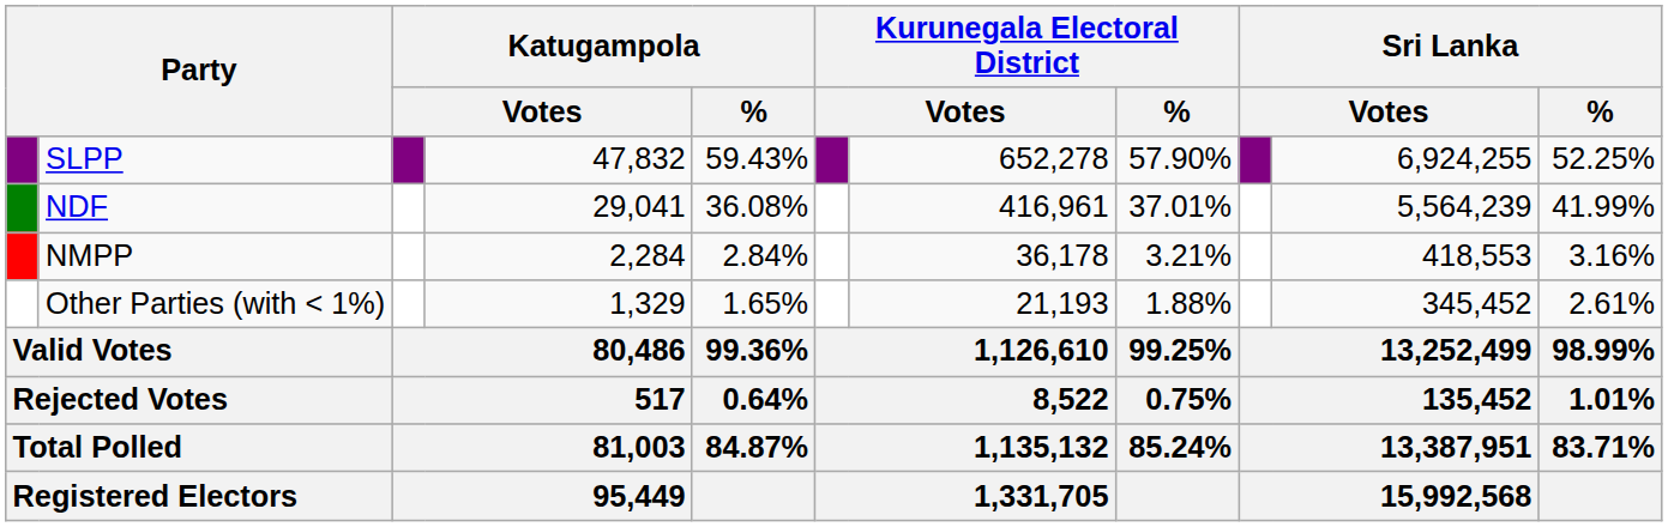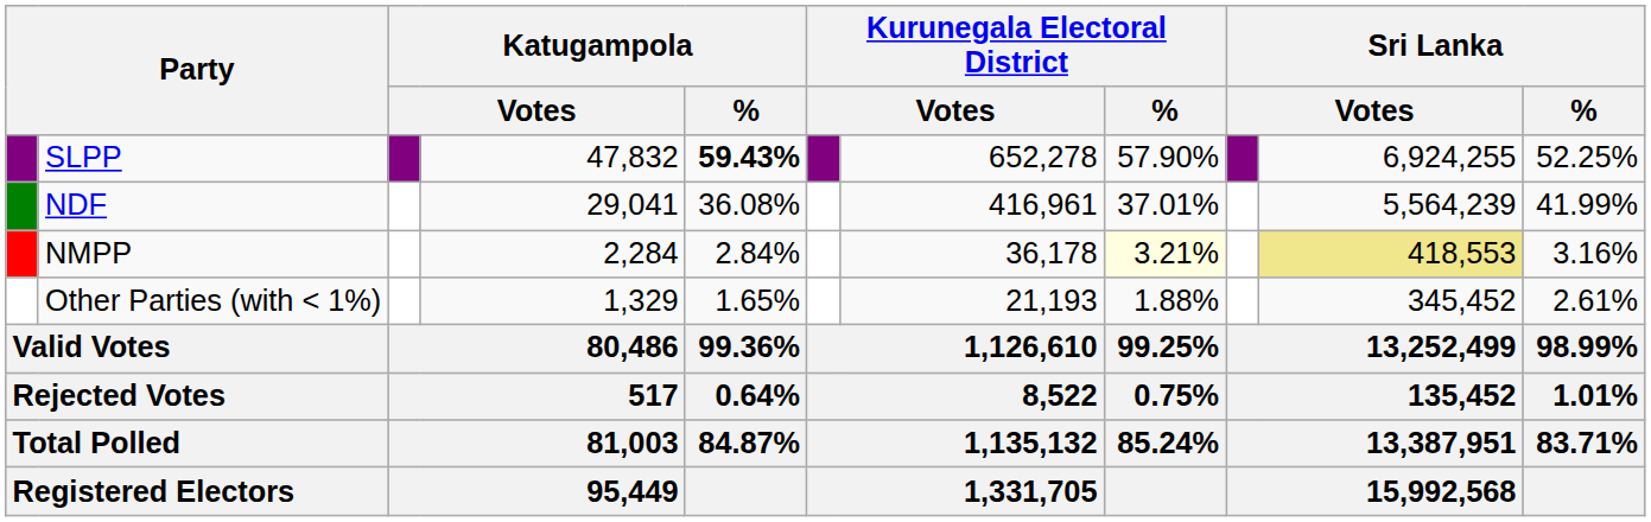 <table class="wikitable">
 <tr>
 <th colspan="2" width="144px"rowspan="2">Party</th>
 <th colspan="3" width="216px">Katugampola</th>
 <th colspan="3" width="216px"><a href='#'>Kurunegala Electoral District</a></th>
 <th colspan="3" width="216px">Sri Lanka</th>
 </tr>
 <tr>
 <th colspan="2" width="144px">Votes</th>
 <th>%</th>
 <th colspan="2" width="144px">Votes</th>
 <th>%</th>
 <th colspan="2" width="144px">Votes</th>
 <th>%</th>
 </tr>
 <tr>
 <td style="background-color:purple;" width="10px"></td>
 <td style="text-align:left;"><a href='#'>SLPP</a></td>
 <td style="background-color:purple;" width="10px"></td>
 <td style="text-align:right;">47,832</td>
-<td style="text-align:right;">59.43%</td>
+<td style="text-align:right;"><strong>59.43%</strong></td>
 <td style="background-color:purple;" width="10px"></td>
 <td style="text-align:right;">652,278</td>
 <td style="text-align:right;">57.90%</td>
 <td style="background-color:purple;" width="10px"></td>
 <td style="text-align:right;">6,924,255</td>
 <td style="text-align:right;">52.25%</td>
 </tr>
 <tr>
 <td style="background-color:green;" width="10px"></td>
 <td style="text-align:left;"><a href='#'>NDF</a></td>
 <td style="background-color:white;" width="10px"></td>
 <td style="text-align:right;">29,041</td>
 <td style="text-align:right;">36.08%</td>
 <td style="background-color:white;" width="10px"></td>
 <td style="text-align:right;">416,961</td>
 <td style="text-align:right;">37.01%</td>
 <td style="background-color:white;" width="10px"></td>
 <td style="text-align:right;">5,564,239</td>
 <td style="text-align:right;">41.99%</td>
 </tr>
 <tr>
 <td style="background-color:red;" width="10px"></td>
 <td style="text-align:left;">NMPP</td>
 <td style="background-color:white;" width="10px"></td>
 <td style="text-align:right;">2,284</td>
 <td style="text-align:right;">2.84%</td>
 <td style="background-color:white;" width="10px"></td>
 <td style="text-align:right;">36,178</td>
-<td style="text-align:right;">3.21%</td>
+<td style="background: lightyellow; text-align:right;">3.21%</td>
 <td style="background-color:white;" width="10px"></td>
-<td style="text-align:right;">418,553</td>
+<td style="background: khaki; text-align:right;">418,553</td>
 <td style="text-align:right;">3.16%</td>
 </tr>
 <tr>
 <td style="background-color:white;" width="10px"></td>
 <td style="text-align:left;">Other Parties (with < 1%)</td>
 <td style="background-color:white;" width="10px"></td>
 <td style="text-align:right;">1,329</td>
 <td style="text-align:right;">1.65%</td>
 <td style="background-color:white;" width="10px"></td>
 <td style="text-align:right;">21,193</td>
 <td style="text-align:right;">1.88%</td>
 <td style="background-color:white;" width="10px"></td>
 <td style="text-align:right;">345,452</td>
 <td style="text-align:right;">2.61%</td>
 </tr>
 <tr>
 <th colspan="2" width="144px"style="text-align:left;">Valid Votes</th>
 <th style="text-align:right;"colspan="2" width="144px">80,486</th>
 <th style="text-align:right;">99.36%</th>
 <th style="text-align:right;"colspan="2" width="144px">1,126,610</th>
 <th style="text-align:right;">99.25%</th>
 <th style="text-align:right;"colspan="2" width="144px">13,252,499</th>
 <th style="text-align:right;">98.99%</th>
 </tr>
 <tr>
 <th colspan="2" width="144px"style="text-align:left;">Rejected Votes</th>
 <th style="text-align:right;"colspan="2" width="144px">517</th>
 <th style="text-align:right;">0.64%</th>
 <th style="text-align:right;"colspan="2" width="144px">8,522</th>
 <th style="text-align:right;">0.75%</th>
 <th style="text-align:right;"colspan="2" width="144px">135,452</th>
 <th style="text-align:right;">1.01%</th>
 </tr>
 <tr>
 <th colspan="2" width="144px"style="text-align:left;">Total Polled</th>
 <th style="text-align:right;"colspan="2" width="144px">81,003</th>
 <th style="text-align:right;">84.87%</th>
 <th style="text-align:right;"colspan="2" width="144px">1,135,132</th>
 <th style="text-align:right;">85.24%</th>
 <th style="text-align:right;"colspan="2" width="144px">13,387,951</th>
 <th style="text-align:right;">83.71%</th>
 </tr>
 <tr>
 <th colspan="2" width="144px"style="text-align:left;">Registered Electors</th>
 <th style="text-align:right;"colspan="2" width="144px">95,449</th>
 <th></th>
 <th style="text-align:right;"colspan="2" width="144px">1,331,705</th>
 <th></th>
 <th style="text-align:right;"colspan="2" width="144px">15,992,568</th>
 <th></th>
 </tr>
 </table>
